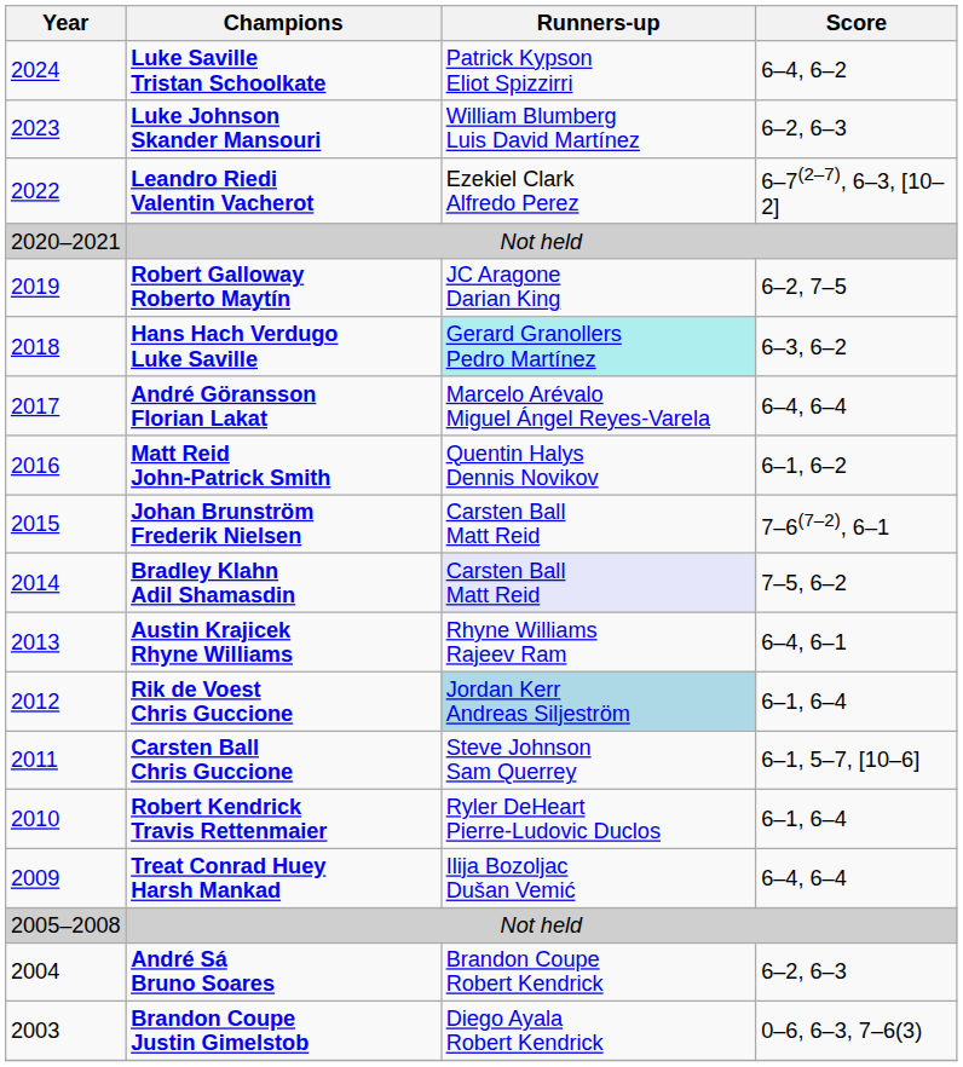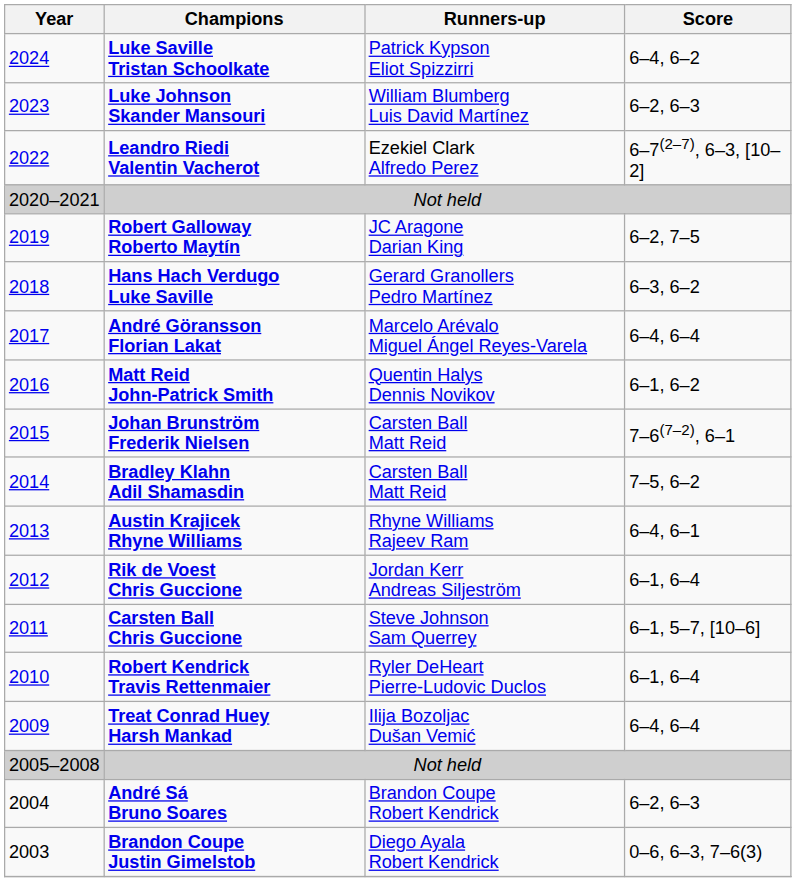 <table class="wikitable" style="font-size:90%">
 <tr>
 <th>Year</th>
 <th width="200">Champions</th>
 <th width="200">Runners-up</th>
 <th width="125">Score</th>
 </tr>
 <tr>
 <td><a href='#'>2024</a></td>
 <td> <strong><a href='#'>Luke Saville</a></strong><br> <strong><a href='#'>Tristan Schoolkate</a></strong></td>
 <td> <a href='#'>Patrick Kypson</a><br> <a href='#'>Eliot Spizzirri</a></td>
 <td>6–4, 6–2</td>
 </tr>
 <tr>
 <td><a href='#'>2023</a></td>
 <td> <strong><a href='#'>Luke Johnson</a></strong><br> <strong><a href='#'>Skander Mansouri</a></strong></td>
 <td> <a href='#'>William Blumberg</a><br> <a href='#'>Luis David Martínez</a></td>
 <td>6–2, 6–3</td>
 </tr>
 <tr>
 <td><a href='#'>2022</a></td>
 <td> <strong><a href='#'>Leandro Riedi</a></strong><br> <strong><a href='#'>Valentin Vacherot</a></strong></td>
 <td> Ezekiel Clark<br> <a href='#'>Alfredo Perez</a></td>
 <td>6–7<sup>(2–7)</sup>, 6–3, [10–2]</td>
 </tr>
 <tr>
 <td style="background:#cfcfcf">2020–2021</td>
 <td colspan=3 align=center style="background:#cfcfcf"><em>Not held</em></td>
 </tr>
 <tr>
 <td><a href='#'>2019</a></td>
 <td> <strong><a href='#'>Robert Galloway</a></strong><br> <strong><a href='#'>Roberto Maytín</a></strong></td>
 <td> <a href='#'>JC Aragone</a><br> <a href='#'>Darian King</a></td>
 <td>6–2, 7–5</td>
 </tr>
 <tr>
 <td><a href='#'>2018</a></td>
 <td> <strong><a href='#'>Hans Hach Verdugo</a></strong><br> <strong><a href='#'>Luke Saville</a></strong></td>
-<td style="background: paleturquoise;"> <a href='#'>Gerard Granollers</a><br> <a href='#'>Pedro Martínez</a></td>
+<td> <a href='#'>Gerard Granollers</a><br> <a href='#'>Pedro Martínez</a></td>
 <td>6–3, 6–2</td>
 </tr>
 <tr>
 <td><a href='#'>2017</a></td>
 <td> <strong><a href='#'>André Göransson</a></strong><br> <strong><a href='#'>Florian Lakat</a></strong></td>
 <td> <a href='#'>Marcelo Arévalo</a><br> <a href='#'>Miguel Ángel Reyes-Varela</a></td>
 <td>6–4, 6–4</td>
 </tr>
 <tr>
 <td><a href='#'>2016</a></td>
 <td> <strong><a href='#'>Matt Reid</a></strong><br> <strong><a href='#'>John-Patrick Smith</a></strong></td>
 <td> <a href='#'>Quentin Halys</a><br> <a href='#'>Dennis Novikov</a></td>
 <td>6–1, 6–2</td>
 </tr>
 <tr>
 <td><a href='#'>2015</a></td>
 <td> <strong><a href='#'>Johan Brunström</a></strong> <br>  <strong><a href='#'>Frederik Nielsen</a></strong></td>
 <td> <a href='#'>Carsten Ball</a> <br>  <a href='#'>Matt Reid</a></td>
 <td>7–6<sup>(7–2)</sup>, 6–1</td>
 </tr>
 <tr>
 <td><a href='#'>2014</a></td>
 <td> <strong><a href='#'>Bradley Klahn</a></strong> <br>  <strong><a href='#'>Adil Shamasdin</a></strong></td>
-<td style="background: lavender;"> <a href='#'>Carsten Ball</a> <br>  <a href='#'>Matt Reid</a></td>
+<td> <a href='#'>Carsten Ball</a> <br>  <a href='#'>Matt Reid</a></td>
 <td>7–5, 6–2</td>
 </tr>
 <tr>
 <td><a href='#'>2013</a></td>
 <td> <strong><a href='#'>Austin Krajicek</a></strong> <br>  <strong><a href='#'>Rhyne Williams</a></strong></td>
 <td> <a href='#'>Rhyne Williams</a> <br>  <a href='#'>Rajeev Ram</a></td>
 <td>6–4, 6–1</td>
 </tr>
 <tr>
 <td><a href='#'>2012</a></td>
 <td> <strong><a href='#'>Rik de Voest</a></strong> <br>  <strong><a href='#'>Chris Guccione</a></strong></td>
-<td style="background: lightblue;"> <a href='#'>Jordan Kerr</a> <br>  <a href='#'>Andreas Siljeström</a></td>
+<td> <a href='#'>Jordan Kerr</a> <br>  <a href='#'>Andreas Siljeström</a></td>
 <td>6–1, 6–4</td>
 </tr>
 <tr>
 <td><a href='#'>2011</a></td>
 <td> <strong><a href='#'>Carsten Ball</a></strong> <br>  <strong><a href='#'>Chris Guccione</a></strong></td>
 <td> <a href='#'>Steve Johnson</a> <br>  <a href='#'>Sam Querrey</a></td>
 <td>6–1, 5–7, [10–6]</td>
 </tr>
 <tr>
 <td><a href='#'>2010</a></td>
 <td> <strong><a href='#'>Robert Kendrick</a></strong> <br>  <strong><a href='#'>Travis Rettenmaier</a></strong></td>
 <td> <a href='#'>Ryler DeHeart</a> <br>  <a href='#'>Pierre-Ludovic Duclos</a></td>
 <td>6–1, 6–4</td>
 </tr>
 <tr>
 <td><a href='#'>2009</a></td>
 <td> <strong><a href='#'>Treat Conrad Huey</a></strong><br> <strong><a href='#'>Harsh Mankad</a></strong></td>
 <td> <a href='#'>Ilija Bozoljac</a> <br> <a href='#'>Dušan Vemić</a></td>
 <td>6–4, 6–4</td>
 </tr>
 <tr>
 <td style="background:#cfcfcf">2005–2008</td>
 <td colspan=3 align=center style="background:#cfcfcf"><em>Not held</em></td>
 </tr>
 <tr>
 <td>2004</td>
 <td> <strong><a href='#'>André Sá</a></strong><br> <strong><a href='#'>Bruno Soares</a></strong></td>
 <td> <a href='#'>Brandon Coupe</a> <br> <a href='#'>Robert Kendrick</a></td>
 <td>6–2, 6–3</td>
 </tr>
 <tr>
 <td>2003</td>
 <td> <strong><a href='#'>Brandon Coupe</a></strong><br> <strong><a href='#'>Justin Gimelstob</a></strong></td>
 <td> <a href='#'>Diego Ayala</a> <br> <a href='#'>Robert Kendrick</a></td>
 <td>0–6, 6–3, 7–6(3)</td>
 </tr>
 <tr>
 </tr>
 </table>
